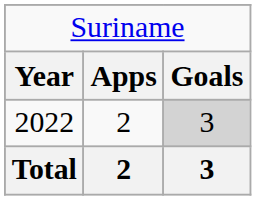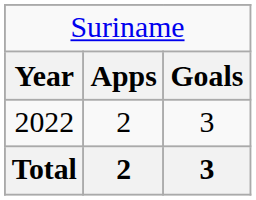 <table class="wikitable" style="text-align:center">
 <tr>
 <td colspan=3><a href='#'>Suriname</a></td>
 </tr>
 <tr>
 <th>Year</th>
 <th>Apps</th>
 <th>Goals</th>
 </tr>
 <tr>
 <td>2022</td>
 <td>2</td>
-<td style="background: lightgrey;">3</td>
+<td>3</td>
 </tr>
 <tr>
 <th>Total</th>
 <th>2</th>
 <th>3</th>
 </tr>
 </table>
